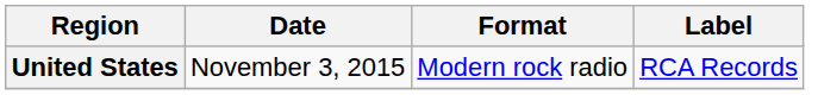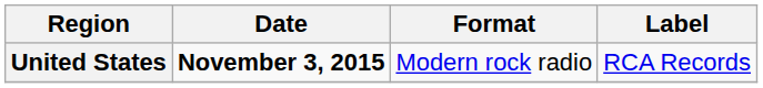 <table class="wikitable plainrowheaders">
 <tr>
 <th>Region</th>
 <th>Date</th>
 <th>Format</th>
 <th>Label</th>
 </tr>
 <tr>
 <th scope="row">United States</th>
-<td>November 3, 2015</td>
+<td><strong>November 3, 2015</strong></td>
 <td><a href='#'>Modern rock</a> radio</td>
 <td><a href='#'>RCA Records</a></td>
 </tr>
 <tr>
 </tr>
 </table>
